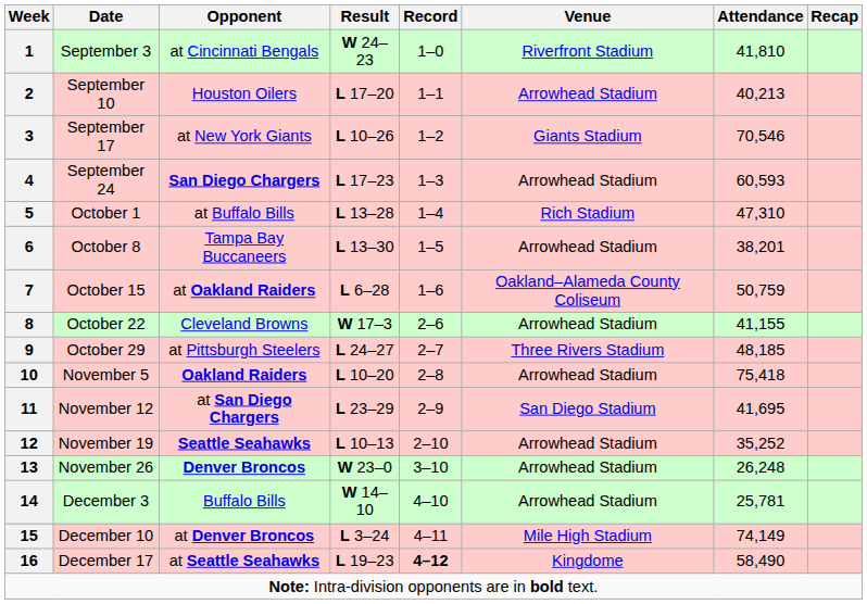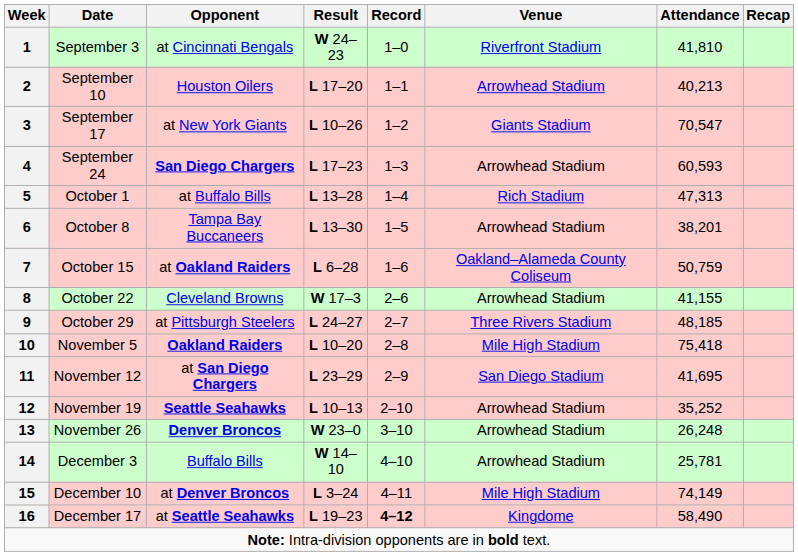 <table class="wikitable" style="text-align:center">
 <tr>
 <th>Week</th>
 <th>Date</th>
 <th>Opponent</th>
 <th>Result</th>
 <th>Record</th>
 <th>Venue</th>
 <th>Attendance</th>
 <th>Recap</th>
 </tr>
 <tr style="background:#cfc">
 <th>1</th>
 <td>September 3</td>
 <td>at <a href='#'>Cincinnati Bengals</a></td>
 <td><strong>W</strong> 24–23</td>
 <td>1–0</td>
 <td><a href='#'>Riverfront Stadium</a></td>
 <td>41,810</td>
 <td></td>
 </tr>
 <tr style="background:#fcc">
 <th>2</th>
 <td>September 10</td>
 <td><a href='#'>Houston Oilers</a></td>
 <td><strong>L</strong> 17–20</td>
 <td>1–1</td>
 <td><a href='#'>Arrowhead Stadium</a></td>
 <td>40,213</td>
 <td></td>
 </tr>
 <tr style="background:#fcc">
 <th>3</th>
 <td>September 17</td>
 <td>at <a href='#'>New York Giants</a></td>
 <td><strong>L</strong> 10–26</td>
 <td>1–2</td>
 <td><a href='#'>Giants Stadium</a></td>
-<td>70,546</td>
+<td>70,547</td>
 <td></td>
 </tr>
 <tr style="background:#fcc">
 <th>4</th>
 <td>September 24</td>
 <td><strong><a href='#'>San Diego Chargers</a></strong></td>
 <td><strong>L</strong> 17–23 </td>
 <td>1–3</td>
 <td>Arrowhead Stadium</td>
 <td>60,593</td>
 <td></td>
 </tr>
 <tr style="background:#fcc">
 <th>5</th>
 <td>October 1</td>
 <td>at <a href='#'>Buffalo Bills</a></td>
 <td><strong>L</strong> 13–28</td>
 <td>1–4</td>
 <td><a href='#'>Rich Stadium</a></td>
-<td>47,310</td>
+<td>47,313</td>
 <td></td>
 </tr>
 <tr style="background:#fcc">
 <th>6</th>
 <td>October 8</td>
 <td><a href='#'>Tampa Bay Buccaneers</a></td>
 <td><strong>L</strong> 13–30</td>
 <td>1–5</td>
 <td>Arrowhead Stadium</td>
 <td>38,201</td>
 <td></td>
 </tr>
 <tr style="background:#fcc">
 <th>7</th>
 <td>October 15</td>
 <td>at <strong><a href='#'>Oakland Raiders</a> </strong></td>
 <td><strong>L</strong> 6–28</td>
 <td>1–6</td>
 <td><a href='#'>Oakland–Alameda County Coliseum</a></td>
 <td>50,759</td>
 <td></td>
 </tr>
 <tr style="background:#cfc">
 <th>8</th>
 <td>October 22</td>
 <td><a href='#'>Cleveland Browns</a></td>
 <td><strong>W</strong> 17–3</td>
 <td>2–6</td>
 <td>Arrowhead Stadium</td>
 <td>41,155</td>
 <td></td>
 </tr>
 <tr style="background:#fcc">
 <th>9</th>
 <td>October 29</td>
 <td>at <a href='#'>Pittsburgh Steelers</a></td>
 <td><strong>L</strong> 24–27</td>
 <td>2–7</td>
 <td><a href='#'>Three Rivers Stadium</a></td>
 <td>48,185</td>
 <td></td>
 </tr>
 <tr style="background:#fcc">
 <th>10</th>
 <td>November 5</td>
 <td><strong><a href='#'>Oakland Raiders</a></strong></td>
 <td><strong>L</strong> 10–20</td>
 <td>2–8</td>
-<td>Arrowhead Stadium</td>
+<td><a href='#'>Mile High Stadium</a></td>
 <td>75,418</td>
 <td></td>
 </tr>
 <tr style="background:#fcc">
 <th>11</th>
 <td>November 12</td>
 <td>at <strong><a href='#'>San Diego Chargers</a></strong></td>
 <td><strong>L</strong> 23–29 </td>
 <td>2–9</td>
 <td><a href='#'>San Diego Stadium</a></td>
 <td>41,695</td>
 <td></td>
 </tr>
 <tr style="background:#fcc">
 <th>12</th>
 <td>November 19</td>
 <td><strong><a href='#'>Seattle Seahawks</a></strong></td>
 <td><strong>L</strong> 10–13</td>
 <td>2–10</td>
 <td>Arrowhead Stadium</td>
 <td>35,252</td>
 <td></td>
 </tr>
 <tr style="background:#cfc">
 <th>13</th>
 <td>November 26</td>
 <td><strong><a href='#'>Denver Broncos</a></strong></td>
 <td><strong>W</strong> 23–0</td>
 <td>3–10</td>
 <td>Arrowhead Stadium</td>
 <td>26,248</td>
 <td></td>
 </tr>
 <tr style="background:#cfc">
 <th>14</th>
 <td>December 3</td>
 <td><a href='#'>Buffalo Bills</a></td>
 <td><strong>W</strong> 14–10</td>
 <td>4–10</td>
 <td>Arrowhead Stadium</td>
 <td>25,781</td>
 <td></td>
 </tr>
 <tr style="background:#fcc">
 <th>15</th>
 <td>December 10</td>
 <td>at <strong><a href='#'>Denver Broncos</a></strong></td>
 <td><strong>L</strong> 3–24</td>
 <td>4–11</td>
 <td><a href='#'>Mile High Stadium</a></td>
 <td>74,149</td>
 <td></td>
 </tr>
 <tr style="background:#fcc">
 <th>16</th>
 <td>December 17</td>
 <td>at <strong><a href='#'>Seattle Seahawks</a></strong></td>
 <td><strong>L</strong> 19–23</td>
 <td><strong>4–12</strong></td>
 <td><a href='#'>Kingdome</a></td>
 <td>58,490</td>
 <td></td>
 </tr>
 <tr>
 <td colspan="8"><strong>Note:</strong> Intra-division opponents are in <strong>bold</strong> text.</td>
 </tr>
 </table>
